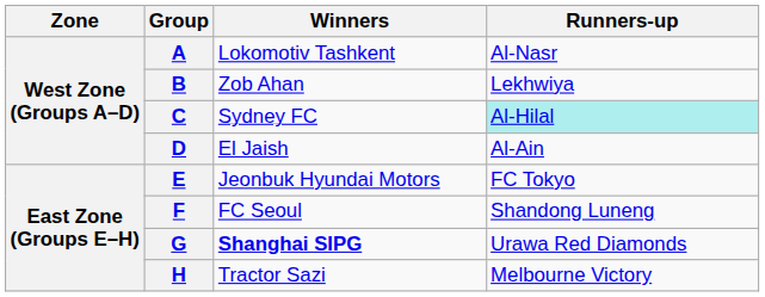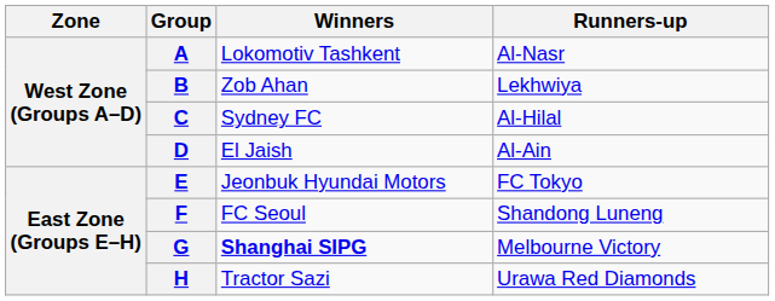 <table class="wikitable">
 <tr>
 <th>Zone</th>
 <th>Group</th>
 <th width=210>Winners</th>
 <th width=210>Runners-up</th>
 </tr>
 <tr>
 <th rowspan=4>West Zone<br>(Groups A–D)</th>
 <th><a href='#'>A</a></th>
 <td> <a href='#'>Lokomotiv Tashkent</a></td>
 <td> <a href='#'>Al-Nasr</a></td>
 </tr>
 <tr>
 <th><a href='#'>B</a></th>
 <td> <a href='#'>Zob Ahan</a></td>
 <td> <a href='#'>Lekhwiya</a></td>
 </tr>
 <tr>
 <th><a href='#'>C</a></th>
 <td> <a href='#'>Sydney FC</a></td>
-<td style="background: paleturquoise;"> <a href='#'>Al-Hilal</a></td>
+<td> <a href='#'>Al-Hilal</a></td>
 </tr>
 <tr>
 <th><a href='#'>D</a></th>
 <td> <a href='#'>El Jaish</a></td>
 <td> <a href='#'>Al-Ain</a></td>
 </tr>
 <tr>
 <th rowspan=4>East Zone<br>(Groups E–H)</th>
 <th><a href='#'>E</a></th>
 <td> <a href='#'>Jeonbuk Hyundai Motors</a></td>
 <td> <a href='#'>FC Tokyo</a></td>
 </tr>
 <tr>
 <th><a href='#'>F</a></th>
 <td> <a href='#'>FC Seoul</a></td>
 <td> <a href='#'>Shandong Luneng</a></td>
 </tr>
 <tr>
 <th><a href='#'>G</a></th>
 <td><strong> <a href='#'>Shanghai SIPG</a></strong></td>
-<td> <a href='#'>Urawa Red Diamonds</a></td>
+<td> <a href='#'>Melbourne Victory</a></td>
 </tr>
 <tr>
 <th><a href='#'>H</a></th>
 <td> <a href='#'>Tractor Sazi</a></td>
-<td> <a href='#'>Melbourne Victory</a></td>
+<td> <a href='#'>Urawa Red Diamonds</a></td>
 </tr>
 </table>
